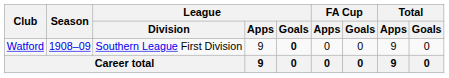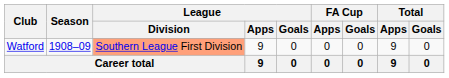 <table class="wikitable" style="text-align: center;">
 <tr>
 <th rowspan="2">Club</th>
 <th rowspan="2">Season</th>
 <th colspan="3">League</th>
 <th colspan="2">FA Cup</th>
 <th colspan="2">Total</th>
 </tr>
 <tr>
 <th>Division</th>
 <th>Apps</th>
 <th>Goals</th>
 <th>Apps</th>
 <th>Goals</th>
 <th>Apps</th>
 <th>Goals</th>
 </tr>
 <tr>
 <td><a href='#'>Watford</a></td>
 <td><a href='#'>1908–09</a></td>
-<td><a href='#'>Southern League</a> First Division</td>
+<td style="background: lightsalmon;"><a href='#'>Southern League</a> First Division</td>
 <td>9</td>
-<td><strong>0</strong></td>
+<td>0</td>
 <td>0</td>
 <td>0</td>
 <td>9</td>
 <td>0</td>
 </tr>
 <tr>
 <th colspan="3">Career total</th>
 <th>9</th>
 <th>0</th>
 <th>0</th>
 <th>0</th>
 <th>9</th>
 <th>0</th>
 </tr>
 </table>
